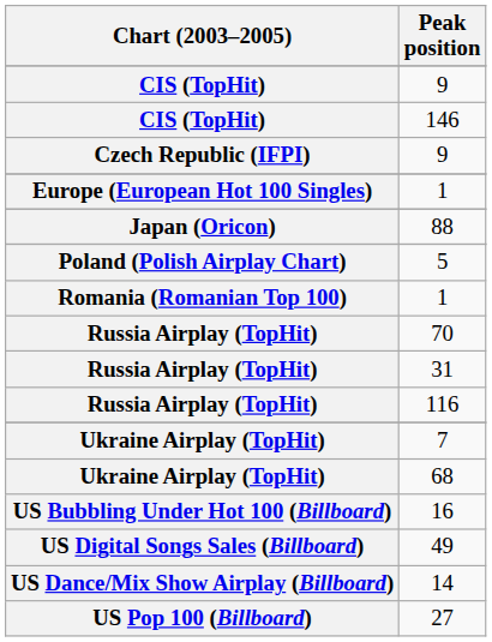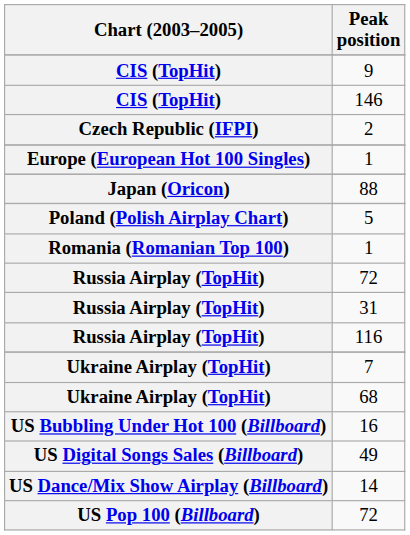 <table class="wikitable sortable plainrowheaders" style="text-align:center">
 <tr>
 <th scope="col">Chart (2003–2005)</th>
 <th scope="col">Peak<br>position</th>
 </tr>
 <tr>
 </tr>
 <tr>
 </tr>
 <tr>
 </tr>
 <tr>
 </tr>
 <tr>
 <th scope="row"><a href='#'>CIS</a> (<a href='#'>TopHit</a>)<br><em></em></th>
 <td>9</td>
 </tr>
 <tr>
 <th scope="row"><a href='#'>CIS</a> (<a href='#'>TopHit</a>)<br><em></em></th>
 <td>146</td>
 </tr>
 <tr>
 <th scope="row">Czech Republic (<a href='#'>IFPI</a>)</th>
-<td>9</td>
+<td>2</td>
 </tr>
 <tr>
 </tr>
 <tr>
 <th scope="row">Europe (<a href='#'>European Hot 100 Singles</a>)</th>
 <td>1</td>
 </tr>
 <tr>
 </tr>
 <tr>
 </tr>
 <tr>
 </tr>
 <tr>
 </tr>
 <tr>
 </tr>
 <tr>
 </tr>
 <tr>
 </tr>
 <tr>
 </tr>
 <tr>
 <th scope="row">Japan (<a href='#'>Oricon</a>)</th>
 <td>88</td>
 </tr>
 <tr>
 </tr>
 <tr>
 </tr>
 <tr>
 </tr>
 <tr>
 <th scope="row">Poland (<a href='#'>Polish Airplay Chart</a>)</th>
 <td>5</td>
 </tr>
 <tr>
 <th scope="row">Romania (<a href='#'>Romanian Top 100</a>)</th>
 <td>1</td>
 </tr>
 <tr>
 <th scope="row">Russia Airplay (<a href='#'>TopHit</a>)</th>
-<td>70</td>
+<td>72</td>
 </tr>
 <tr>
 <th scope="row">Russia Airplay (<a href='#'>TopHit</a>)<br><em></em></th>
 <td>31</td>
 </tr>
 <tr>
 <th scope="row">Russia Airplay (<a href='#'>TopHit</a>)<br><em></em></th>
 <td>116</td>
 </tr>
 <tr>
 </tr>
 <tr>
 </tr>
 <tr>
 </tr>
 <tr>
 </tr>
 <tr>
 </tr>
 <tr>
 <th scope="row">Ukraine Airplay (<a href='#'>TopHit</a>)<br><em></em></th>
 <td>7</td>
 </tr>
 <tr>
 <th scope="row">Ukraine Airplay (<a href='#'>TopHit</a>)<br><em></em></th>
 <td>68</td>
 </tr>
 <tr>
 <th scope="row">US <a href='#'>Bubbling Under Hot 100</a> (<em><a href='#'>Billboard</a></em>)<br><em></em></th>
 <td>16</td>
 </tr>
 <tr>
 <th scope="row">US <a href='#'>Digital Songs Sales</a> (<em><a href='#'>Billboard</a></em>)<br><em></em></th>
 <td>49</td>
 </tr>
 <tr>
 <th scope="row">US <a href='#'>Dance/Mix Show Airplay</a> (<em><a href='#'>Billboard</a></em>)<br><em></em></th>
 <td>14</td>
 </tr>
 <tr>
 <th scope="row">US <a href='#'>Pop 100</a> (<em><a href='#'>Billboard</a></em>)<br><em></em></th>
-<td>27</td>
+<td>72</td>
 </tr>
 </table>
